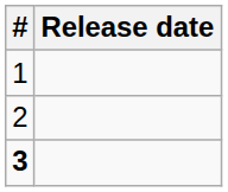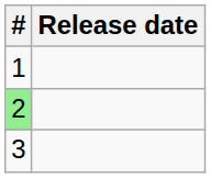 <table class="wikitable">
 <tr>
 <th>#</th>
 <th>Release date</th>
 </tr>
 <tr>
 <td>1</td>
 <td></td>
 </tr>
 <tr>
-<td>2</td>
+<td style="background: lightgreen;">2</td>
 <td></td>
 </tr>
 <tr>
-<td><strong>3</strong></td>
+<td>3</td>
 <td></td>
 </tr>
 </table>
